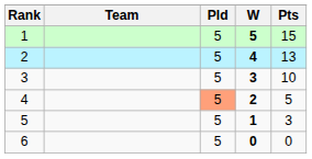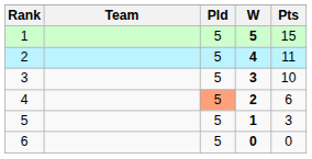 <table class="wikitable">
 <tr>
 </tr>
 <tr>
 <th style="width:35px;">Rank</th>
 <th style="width:180px;">Team</th>
 <th style="width:35px;">Pld</th>
 <th style="width:35px;">W</th>
 <th style="width:35px;">Pts</th>
 </tr>
 <tr bgcolor=#ccffcc>
 <td align=center>1</td>
 <td></td>
 <td align=center>5</td>
 <td align=center><strong>5</strong></td>
 <td align=center>15</td>
 </tr>
 <tr bgcolor=#bbf3ff>
 <td align=center>2</td>
 <td></td>
 <td align=center>5</td>
 <td align=center><strong>4</strong></td>
-<td align=center>13</td>
+<td align=center>11</td>
 </tr>
 <tr>
 <td align=center>3</td>
 <td></td>
 <td align=center>5</td>
 <td align=center><strong>3</strong></td>
 <td align=center>10</td>
 </tr>
 <tr>
 <td align=center>4</td>
 <td></td>
 <td align=center style="background: lightsalmon;">5</td>
 <td align=center><strong>2</strong></td>
-<td align=center>5</td>
+<td align=center>6</td>
 </tr>
 <tr>
 <td align=center>5</td>
 <td></td>
 <td align=center>5</td>
 <td align=center><strong>1</strong></td>
 <td align=center>3</td>
 </tr>
 <tr>
 <td align=center>6</td>
 <td></td>
 <td align=center>5</td>
 <td align=center><strong>0</strong></td>
 <td align=center>0</td>
 </tr>
 </table>
